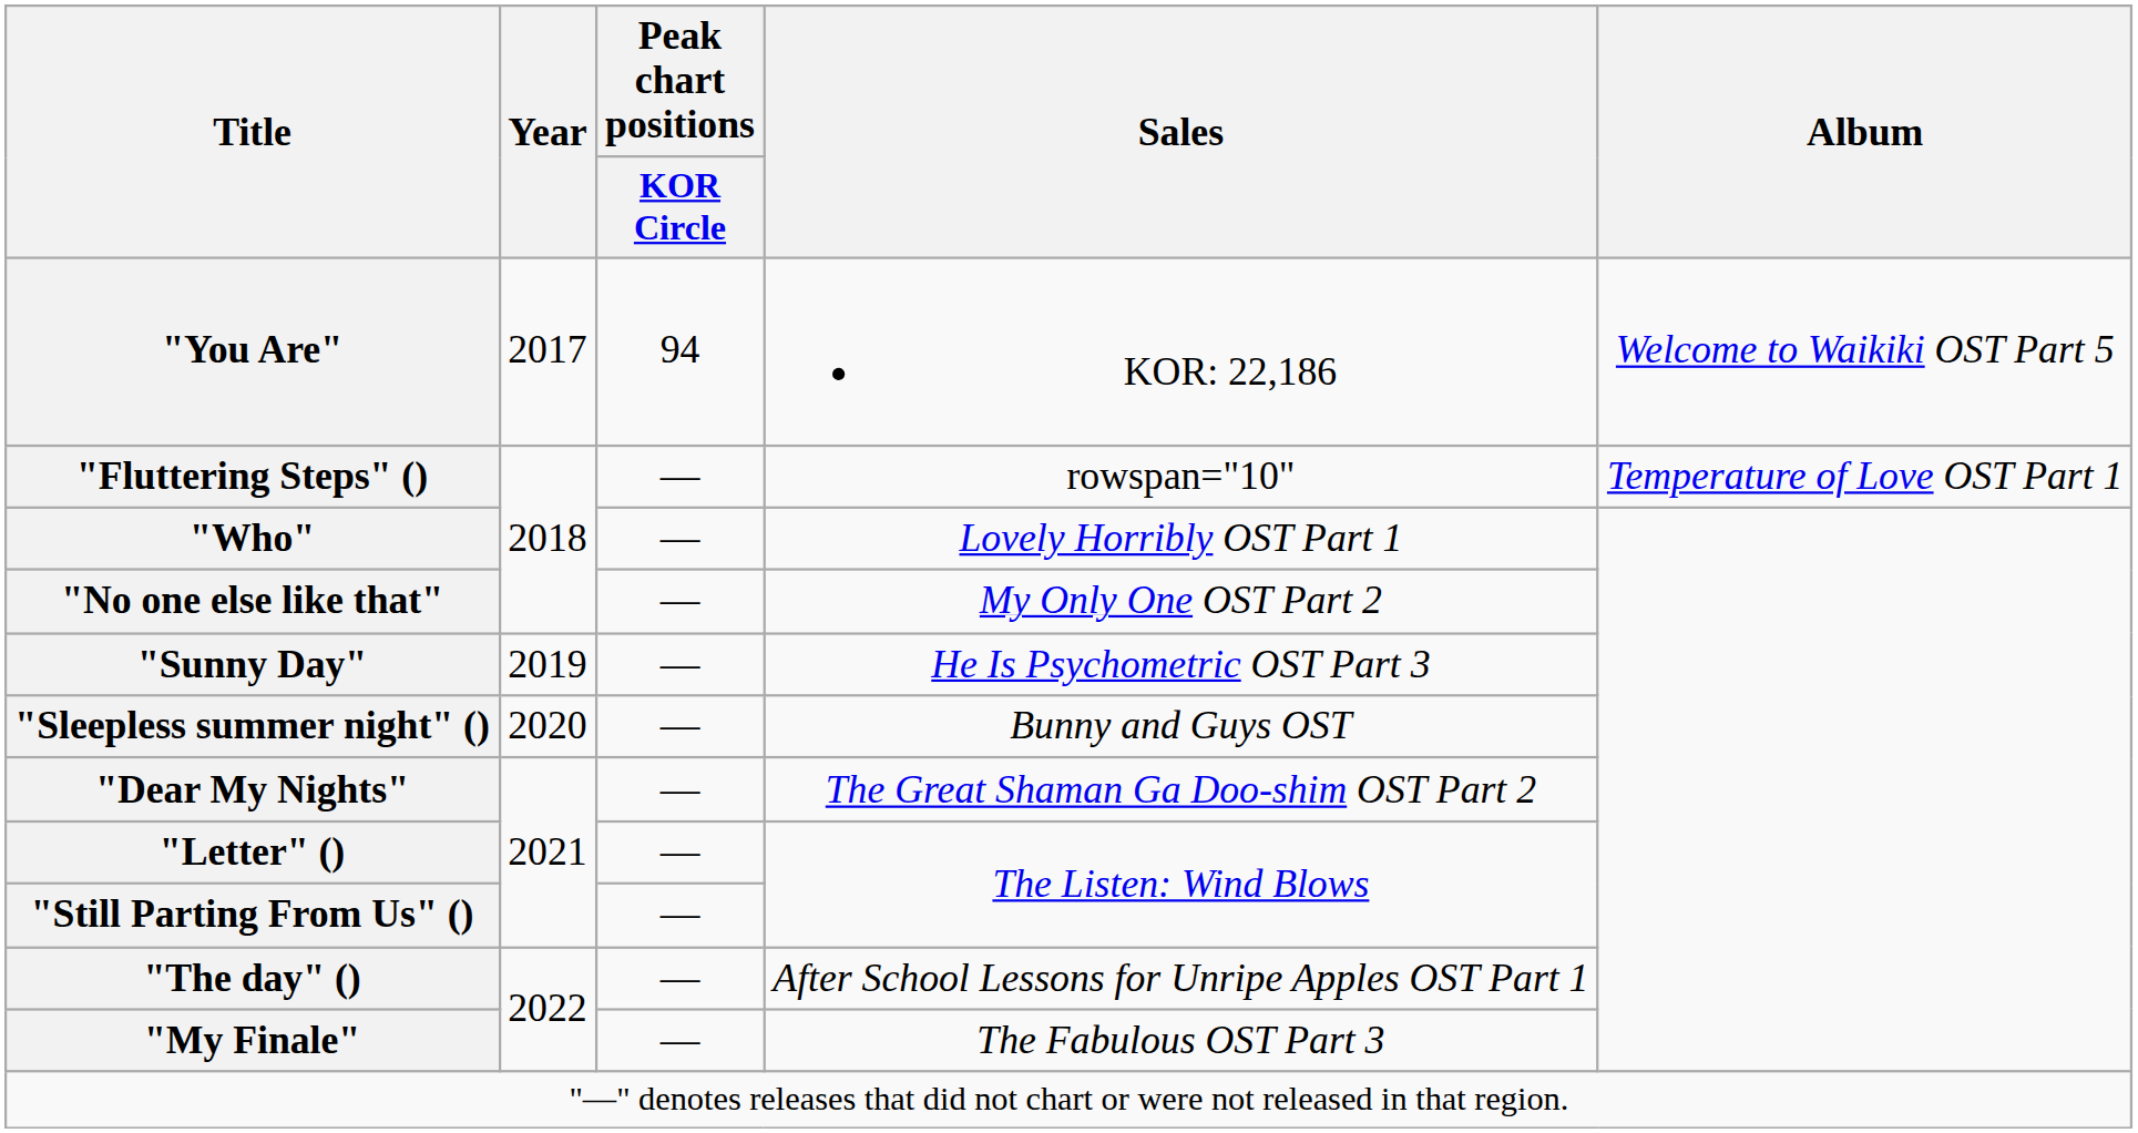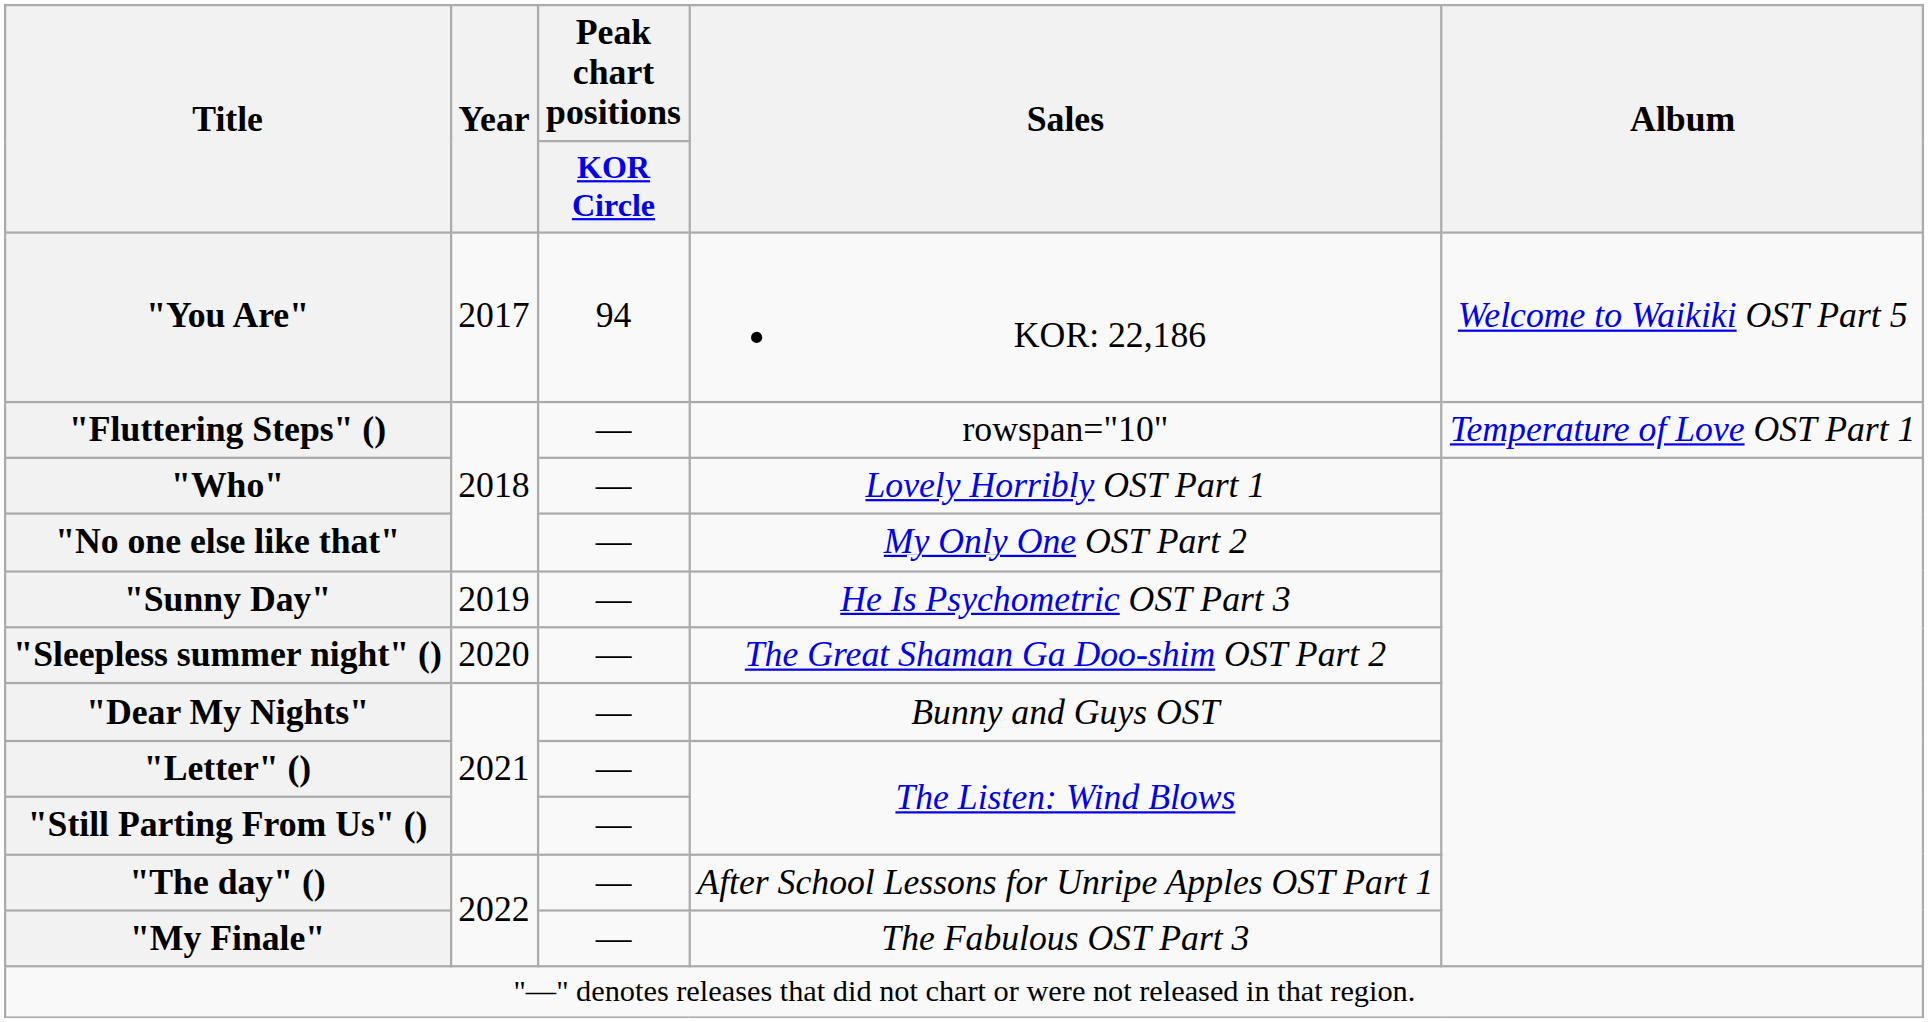 <table class="wikitable plainrowheaders" style="text-align:center">
 <tr>
 <th scope="col" rowspan="2">Title</th>
 <th scope="col" rowspan="2">Year</th>
 <th scope="col">Peak chart positions</th>
 <th scope="col" rowspan="2">Sales</th>
 <th scope="col" rowspan="2">Album</th>
 </tr>
 <tr>
 <th scope="col" style="font-size:90%; width:2.5em"><a href='#'>KOR<br>Circle</a><br></th>
 </tr>
 <tr>
 <th scope="row">"You Are"</th>
 <td>2017</td>
 <td>94</td>
 <td><br><ul><li>KOR: 22,186</li></ul></td>
 <td><em><a href='#'>Welcome to Waikiki</a></em> <em>OST Part 5</em></td>
 </tr>
 <tr>
 <th scope="row">"Fluttering Steps" ()</th>
 <td rowspan="3">2018</td>
 <td>—</td>
 <td>rowspan="10" </td>
 <td><em><a href='#'>Temperature of Love</a> OST Part 1</em></td>
 </tr>
 <tr>
 <th scope="row">"Who"</th>
 <td>—</td>
 <td><em><a href='#'>Lovely Horribly</a></em> <em>OST Part 1</em></td>
 </tr>
 <tr>
 <th scope="row">"No one else like that"</th>
 <td>—</td>
 <td><em><a href='#'>My Only One</a></em> <em>OST Part 2</em></td>
 </tr>
 <tr>
 <th scope="row">"Sunny Day"</th>
 <td>2019</td>
 <td>—</td>
 <td><em><a href='#'>He Is Psychometric</a> OST Part 3</em></td>
 </tr>
 <tr>
 <th scope="row">"Sleepless summer night" ()</th>
 <td>2020</td>
 <td>—</td>
-<td><em>Bunny and Guys OST</em></td>
+<td><em><a href='#'>The Great Shaman Ga Doo-shim</a> OST Part 2</em></td>
 </tr>
 <tr>
 <th scope="row">"Dear My Nights"</th>
 <td rowspan="3">2021</td>
 <td>—</td>
-<td><em><a href='#'>The Great Shaman Ga Doo-shim</a> OST Part 2</em></td>
+<td><em>Bunny and Guys OST</em></td>
 </tr>
 <tr>
 <th scope="row">"Letter" ()</th>
 <td>—</td>
 <td rowspan="2"><em><a href='#'>The Listen: Wind Blows</a></em></td>
 </tr>
 <tr>
 <th scope="row">"Still Parting From Us" ()<br></th>
 <td>—</td>
 </tr>
 <tr>
 <th scope="row">"The day" ()</th>
 <td rowspan="2">2022</td>
 <td>—</td>
 <td><em>After School Lessons for Unripe Apples</em> <em>OST Part 1</em></td>
 </tr>
 <tr>
 <th scope="row">"My Finale"</th>
 <td>—</td>
 <td><em>The Fabulous</em> <em>OST Part 3</em></td>
 </tr>
 <tr>
 <td colspan="5" style="font-size:85%">"—" denotes releases that did not chart or were not released in that region.</td>
 </tr>
 </table>
